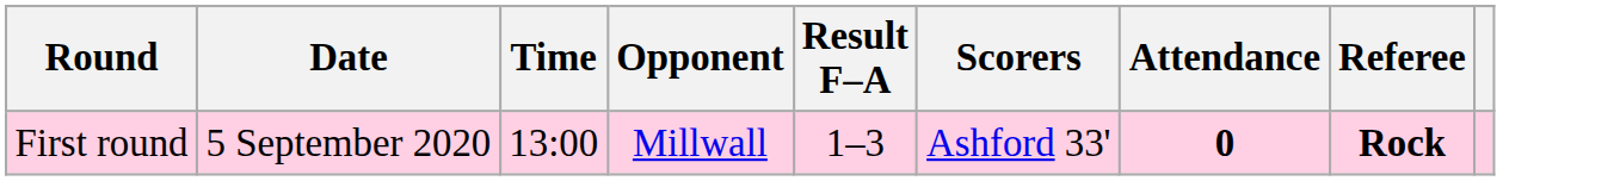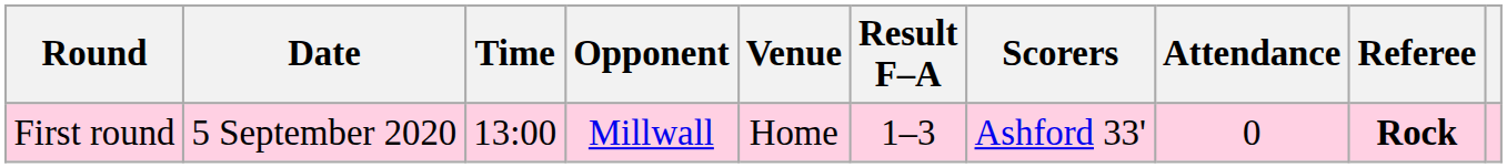 <table class="wikitable" style="text-align:center">
 <tr>
 <th>Round</th>
 <th>Date</th>
 <th>Time</th>
 <th>Opponent</th>
+<th>Venue</th>
 <th>Result<br>F–A</th>
 <th class="unsortable">Scorers</th>
 <th>Attendance</th>
 <th class="unsortable">Referee</th>
 <th class="unsortable"></th>
 </tr>
 <tr bgcolor="#ffd0e3">
 <td>First round</td>
 <td>5 September 2020</td>
 <td>13:00</td>
 <td><a href='#'>Millwall</a></td>
+<td>Home</td>
 <td>1–3</td>
 <td><a href='#'>Ashford</a> 33'</td>
-<td><strong>0</strong></td>
+<td>0</td>
 <td><strong>Rock</strong></td>
 <td></td>
 </tr>
 </table>
